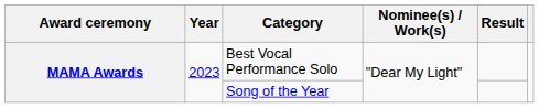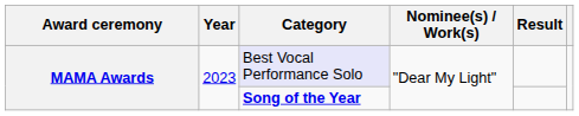 <table class="wikitable sortable plainrowheaders">
 <tr>
 <th scope="col" width="200">Award ceremony</th>
 <th scope="col">Year</th>
 <th scope="col">Category</th>
 <th scope="col">Nominee(s) / Work(s)</th>
 <th scope="col">Result</th>
 <th scope="col" class="unsortable"></th>
 </tr>
 <tr>
 <th scope="row" rowspan="2"><a href='#'>MAMA Awards</a></th>
 <td style="text-align:center" rowspan="2"><a href='#'>2023</a></td>
-<td>Best Vocal Performance Solo</td>
+<td style="background: lavender;">Best Vocal Performance Solo</td>
 <td rowspan="2">"Dear My Light"</td>
 <td></td>
 <td style="text-align:center" rowspan="2"></td>
 </tr>
 <tr>
-<td><a href='#'>Song of the Year</a></td>
+<td><strong><a href='#'>Song of the Year</a></strong></td>
 <td></td>
 </tr>
 </table>
